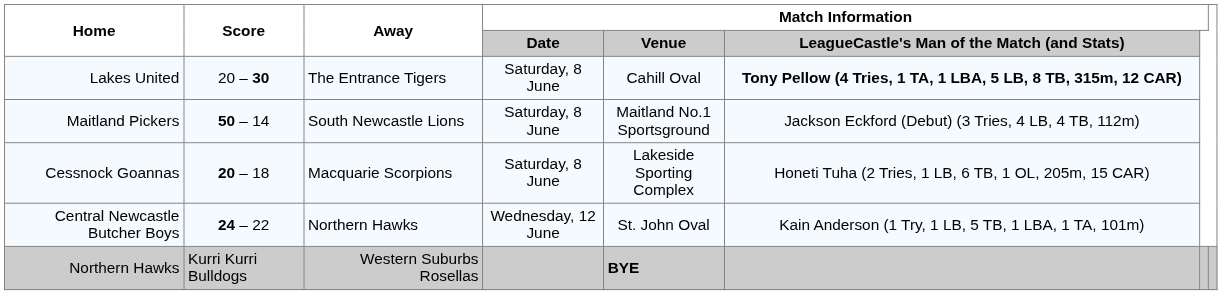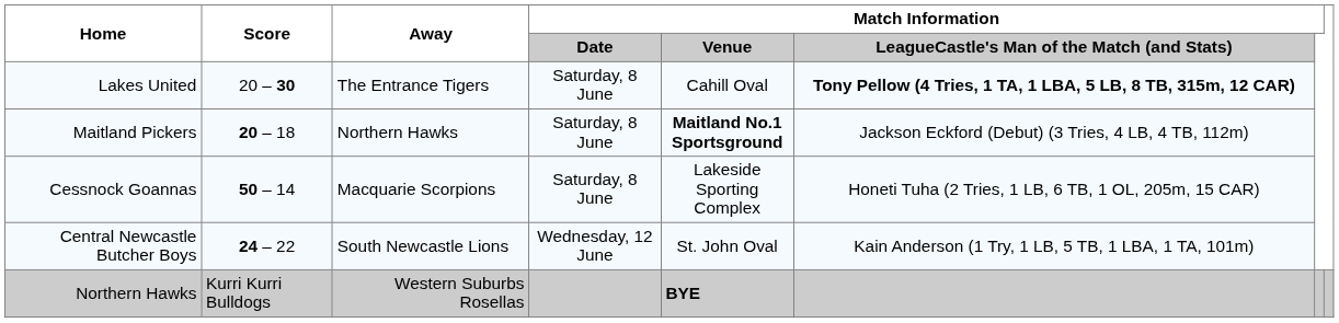 <table width="100%" cellspacing="0" cellpadding="4" border="1" style="border-collapse:collapse;  text-align:center;">
 <tr>
 <th rowspan="2" width="15%">Home</th>
 <th rowspan="2" width="10%">Score</th>
 <th rowspan="2" width="15%">Away</th>
 <th colspan="4">Match Information</th>
 </tr>
 <tr style="background:#CCCCCC">
 <th width="10%">Date</th>
 <th width="10%">Venue</th>
 <th width="40%">LeagueCastle's Man of the Match (and Stats)</th>
 </tr>
 <tr style="text-align:center; background:#f5faff;">
 <td align="right"> Lakes United</td>
 <td>20 – <strong>30</strong></td>
 <td align="left"> The Entrance Tigers</td>
 <td>Saturday, 8 June</td>
 <td>Cahill Oval</td>
 <td><strong>Tony Pellow  (4 Tries, 1 TA, 1 LBA, 5 LB, 8 TB, 315m, 12 CAR)</strong></td>
 </tr>
 <tr style="text-align:center; background:#f5faff;">
 <td align="right"> Maitland Pickers</td>
-<td><strong>50</strong> – 14</td>
-<td align="left"> South Newcastle Lions</td>
+<td><strong>20</strong> – 18</td>
+<td align="left"> Northern Hawks</td>
 <td>Saturday, 8 June</td>
-<td>Maitland No.1 Sportsground</td>
+<td><strong>Maitland No.1 Sportsground</strong></td>
 <td>Jackson Eckford (Debut)  (3 Tries, 4 LB, 4 TB, 112m)</td>
 </tr>
 <tr style="text-align:center; background:#f5faff;">
 <td align="right"> Cessnock Goannas</td>
-<td><strong>20</strong> – 18</td>
+<td><strong>50</strong> – 14</td>
 <td align="left"> Macquarie Scorpions</td>
 <td>Saturday, 8 June</td>
 <td>Lakeside Sporting Complex</td>
 <td>Honeti Tuha   (2 Tries, 1 LB, 6 TB, 1 OL, 205m, 15 CAR)</td>
 </tr>
 <tr style="text-align:center; background:#f5faff;">
 <td align="right"> Central Newcastle Butcher Boys</td>
 <td><strong>24</strong> – 22</td>
-<td align="left"> Northern Hawks</td>
+<td align="left"> South Newcastle Lions</td>
 <td>Wednesday, 12 June</td>
 <td>St. John Oval</td>
 <td>Kain Anderson  (1 Try, 1 LB, 5 TB, 1 LBA, 1 TA, 101m)</td>
 </tr>
 <tr style="text-align:center; background:#CCCCCC;">
 <td align="right"> Northern Hawks</td>
 <td align="left"> Kurri Kurri Bulldogs</td>
 <td align="right"> Western Suburbs Rosellas</td>
 <td></td>
 <td align="left"><strong>BYE</strong></td>
 <td></td>
 <td></td>
 <td></td>
 </tr>
 </table>
